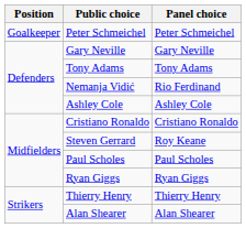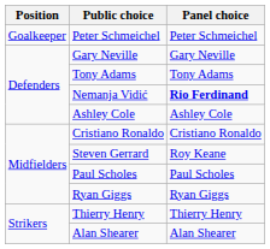 <table class="wikitable">
 <tr>
 <th>Position</th>
 <th>Public choice</th>
 <th>Panel choice</th>
 </tr>
 <tr>
 <td><a href='#'>Goalkeeper</a></td>
 <td> <a href='#'>Peter Schmeichel</a></td>
 <td> <a href='#'>Peter Schmeichel</a></td>
 </tr>
 <tr>
 <td rowspan=4 valign=middle><a href='#'>Defenders</a></td>
 <td> <a href='#'>Gary Neville</a></td>
 <td> <a href='#'>Gary Neville</a></td>
 </tr>
 <tr>
 <td> <a href='#'>Tony Adams</a></td>
 <td> <a href='#'>Tony Adams</a></td>
 </tr>
 <tr>
 <td> <a href='#'>Nemanja Vidić</a></td>
-<td> <a href='#'>Rio Ferdinand</a></td>
+<td><strong> <a href='#'>Rio Ferdinand</a></strong></td>
 </tr>
 <tr>
 <td> <a href='#'>Ashley Cole</a></td>
 <td> <a href='#'>Ashley Cole</a></td>
 </tr>
 <tr>
 <td rowspan=4 valign=middle><a href='#'>Midfielders</a></td>
 <td> <a href='#'>Cristiano Ronaldo</a></td>
 <td> <a href='#'>Cristiano Ronaldo</a></td>
 </tr>
 <tr>
 <td> <a href='#'>Steven Gerrard</a></td>
 <td> <a href='#'>Roy Keane</a></td>
 </tr>
 <tr>
 <td> <a href='#'>Paul Scholes</a></td>
 <td> <a href='#'>Paul Scholes</a></td>
 </tr>
 <tr>
 <td> <a href='#'>Ryan Giggs</a></td>
 <td> <a href='#'>Ryan Giggs</a></td>
 </tr>
 <tr>
 <td rowspan=2 valign=middle><a href='#'>Strikers</a></td>
 <td> <a href='#'>Thierry Henry</a></td>
 <td> <a href='#'>Thierry Henry</a></td>
 </tr>
 <tr>
 <td> <a href='#'>Alan Shearer</a></td>
 <td> <a href='#'>Alan Shearer</a></td>
 </tr>
 </table>
